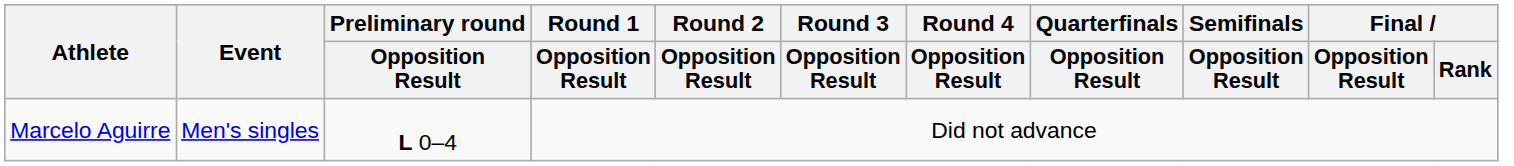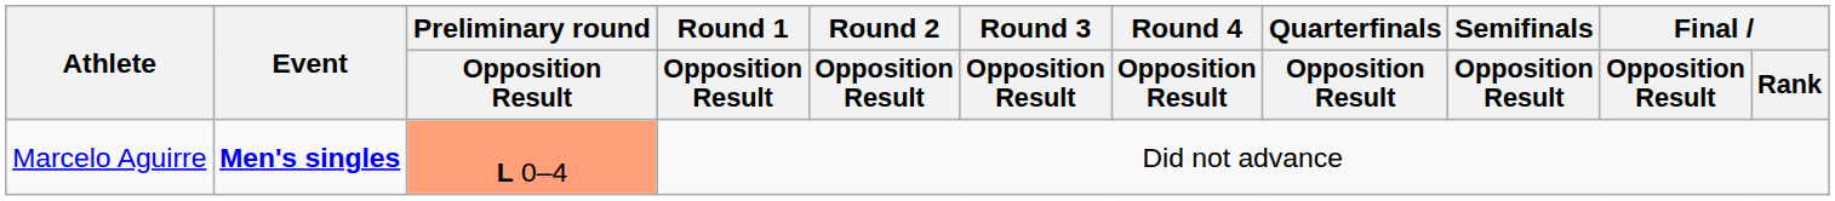 <table class="wikitable" style="font-size:90%">
 <tr>
 <th rowspan="2">Athlete</th>
 <th rowspan="2">Event</th>
 <th>Preliminary round</th>
 <th>Round 1</th>
 <th>Round 2</th>
 <th>Round 3</th>
 <th>Round 4</th>
 <th>Quarterfinals</th>
 <th>Semifinals</th>
 <th colspan=2>Final / </th>
 </tr>
 <tr style="font-size:95%">
 <th>Opposition<br>Result</th>
 <th>Opposition<br>Result</th>
 <th>Opposition<br>Result</th>
 <th>Opposition<br>Result</th>
 <th>Opposition<br>Result</th>
 <th>Opposition<br>Result</th>
 <th>Opposition<br>Result</th>
 <th>Opposition<br>Result</th>
 <th>Rank</th>
 </tr>
 <tr align=center>
 <td align=left><a href='#'>Marcelo Aguirre</a></td>
-<td align=left><a href='#'>Men's singles</a></td>
-<td><br><strong>L</strong> 0–4</td>
+<td align=left><strong><a href='#'>Men's singles</a></strong></td>
+<td style="background: lightsalmon;"><br><strong>L</strong> 0–4</td>
 <td colspan=8>Did not advance</td>
 </tr>
 </table>
